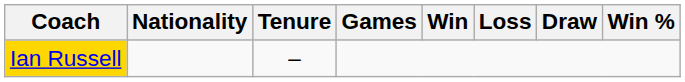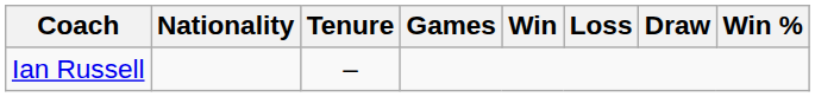 <table class="wikitable" style="text-align:center; margin-left: lem;">
 <tr>
 <th>Coach</th>
 <th>Nationality</th>
 <th>Tenure</th>
 <th>Games</th>
 <th>Win</th>
 <th>Loss</th>
 <th>Draw</th>
 <th>Win %</th>
 </tr>
 <tr>
-<td style="background: gold;"><a href='#'>Ian Russell</a></td>
+<td><a href='#'>Ian Russell</a></td>
 <td></td>
 <td>–<br></td>
 </tr>
 </table>
